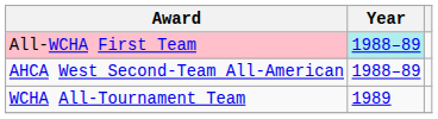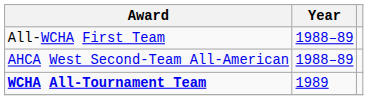 <table class="wikitable">
 <tr>
 <th>Award</th>
 <th>Year</th>
 <th></th>
 </tr>
 <tr>
-<td style="background: pink;">All-<a href='#'>WCHA</a> <a href='#'>First Team</a></td>
-<td style="background: paleturquoise;"><a href='#'>1988–89</a></td>
+<td>All-<a href='#'>WCHA</a> <a href='#'>First Team</a></td>
+<td><a href='#'>1988–89</a></td>
 <td></td>
 </tr>
 <tr>
 <td><a href='#'>AHCA</a> <a href='#'>West Second-Team All-American</a></td>
 <td><a href='#'>1988–89</a></td>
 <td></td>
 </tr>
 <tr>
-<td><a href='#'>WCHA</a> <a href='#'>All-Tournament Team</a></td>
+<td><strong><a href='#'>WCHA</a> <a href='#'>All-Tournament Team</a></strong></td>
 <td><a href='#'>1989</a></td>
 <td></td>
 </tr>
 <tr>
 </tr>
 </table>
